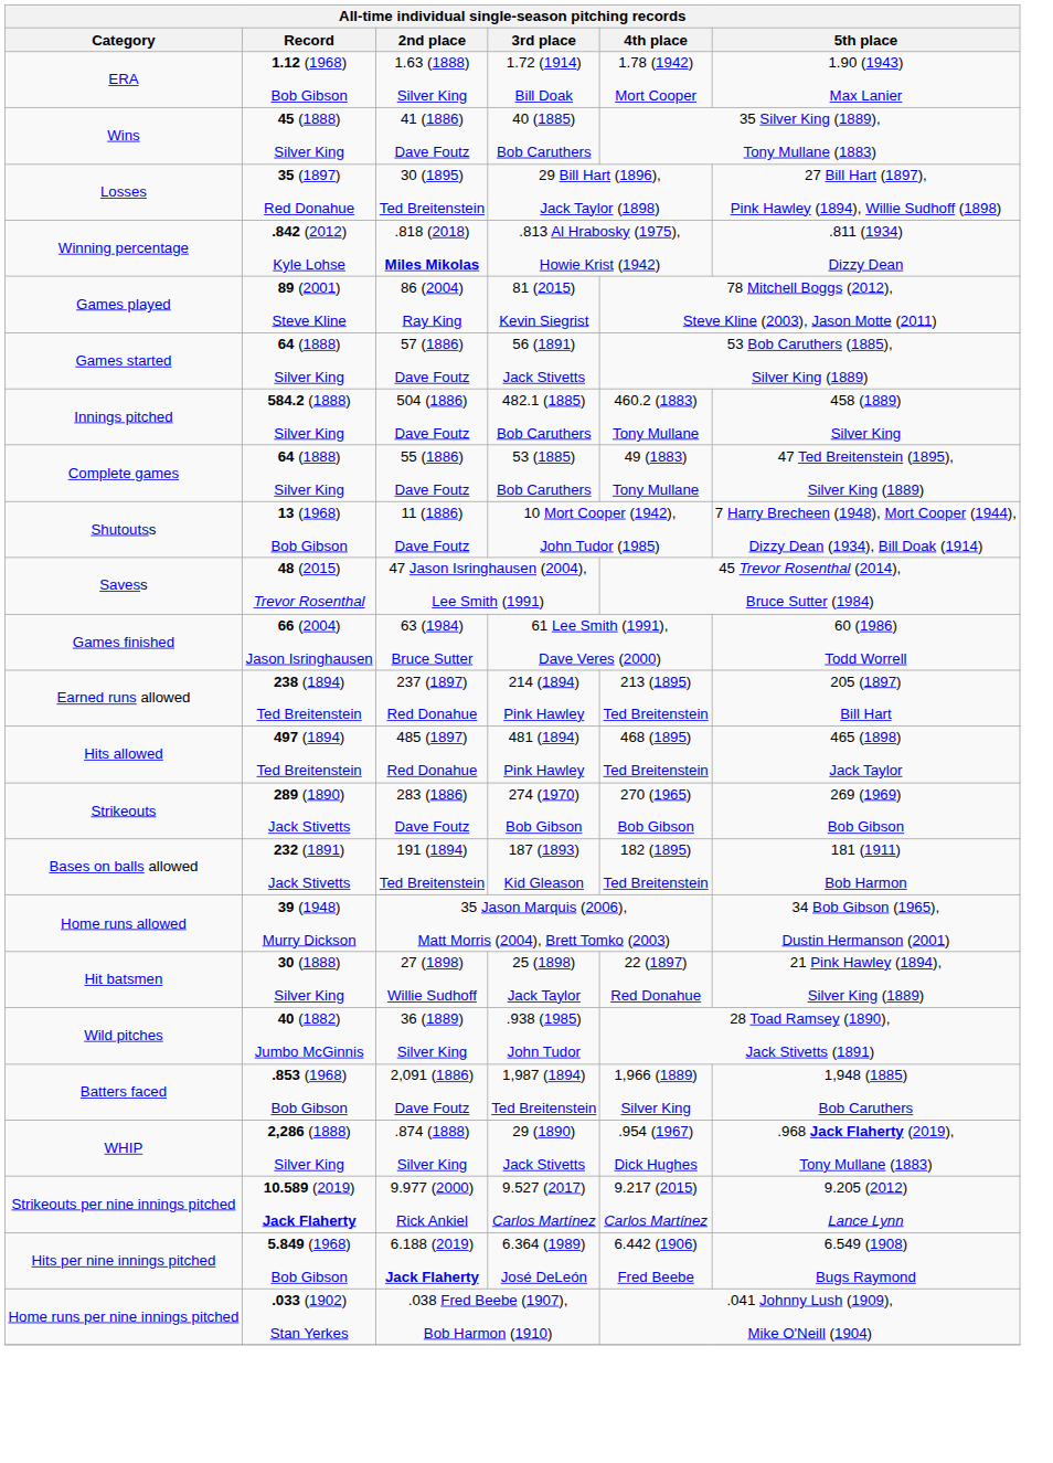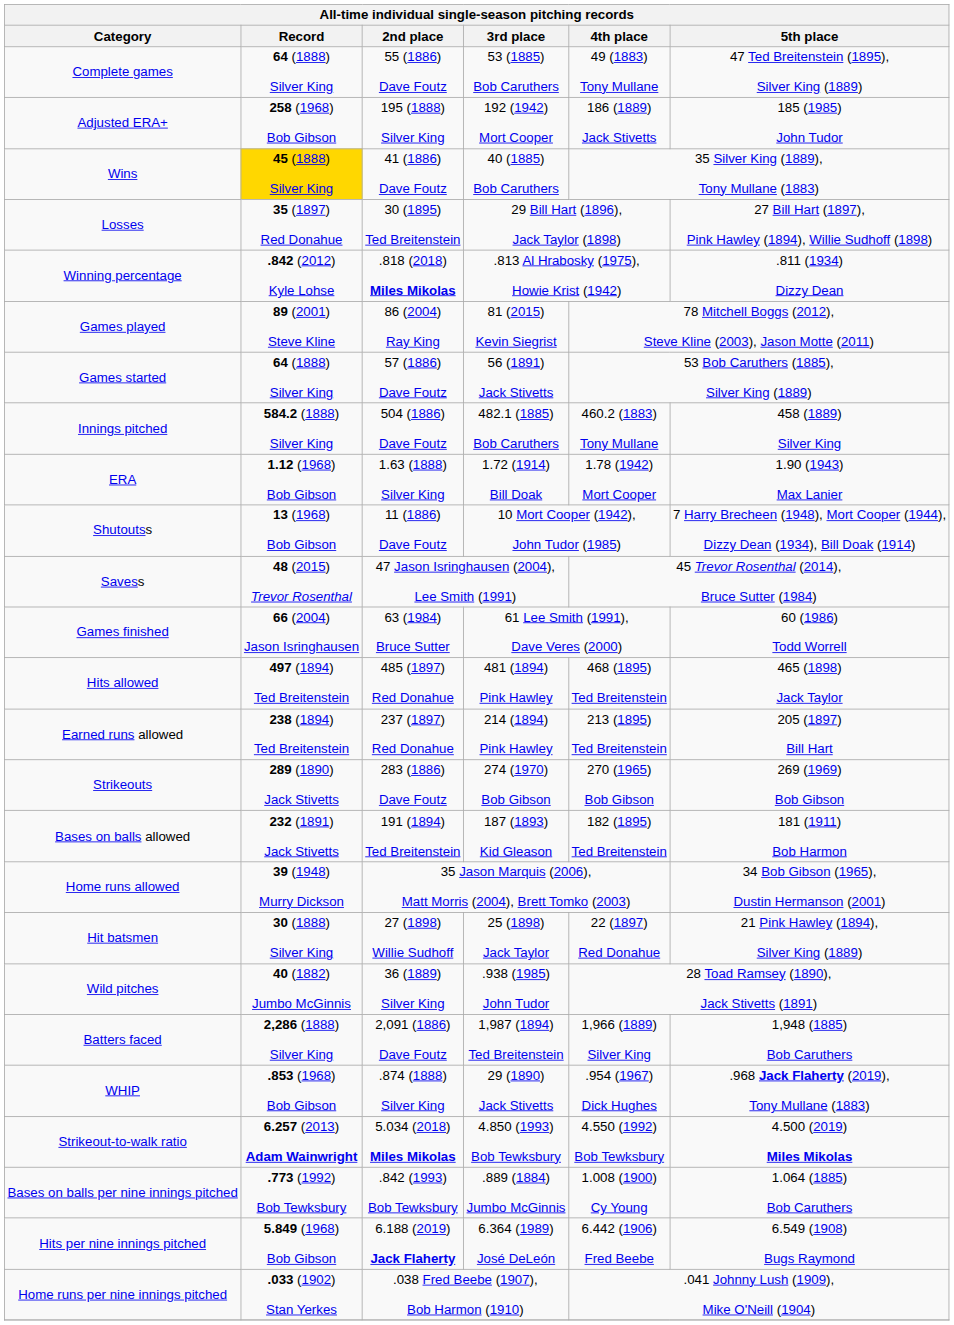 <table class="wikitable unsortable" style="text-align:center">
 <tr>
 <th colspan=6><strong>All-time individual single-season pitching records</strong></th>
 </tr>
 <tr>
 <th scope="col">Category</th>
 <th scope="col">Record</th>
 <th scope="col">2nd place</th>
 <th scope="col">3rd place</th>
 <th scope="col">4th place</th>
 <th scope="col">5th place</th>
 </tr>
 <tr>
-<td><a href='#'>ERA</a></td>
-<td><strong>1.12</strong> (<a href='#'>1968</a>)<br><br><a href='#'>Bob Gibson</a></td>
-<td>1.63 (<a href='#'>1888</a>)<br><br><a href='#'>Silver King</a></td>
-<td>1.72 (<a href='#'>1914</a>)<br><br><a href='#'>Bill Doak</a></td>
-<td>1.78 (<a href='#'>1942</a>)<br><br><a href='#'>Mort Cooper</a></td>
-<td>1.90 (<a href='#'>1943</a>)<br><br><a href='#'>Max Lanier</a></td>
+<td><a href='#'>Complete games</a></td>
+<td><strong>64</strong> (<a href='#'>1888</a>)<br><br><a href='#'>Silver King</a></td>
+<td>55 (<a href='#'>1886</a>)<br><br><a href='#'>Dave Foutz</a></td>
+<td>53 (<a href='#'>1885</a>)<br><br><a href='#'>Bob Caruthers</a></td>
+<td>49 (<a href='#'>1883</a>)<br><br><a href='#'>Tony Mullane</a></td>
+<td>47 <a href='#'>Ted Breitenstein</a> (<a href='#'>1895</a>),<br><br><a href='#'>Silver King</a> (<a href='#'>1889</a>)</td>
+</tr>
+<tr>
+<td><a href='#'>Adjusted ERA+</a></td>
+<td><strong>258</strong> (<a href='#'>1968</a>)<br><br><a href='#'>Bob Gibson</a></td>
+<td>195 (<a href='#'>1888</a>)<br><br><a href='#'>Silver King</a></td>
+<td>192 (<a href='#'>1942</a>)<br><br><a href='#'>Mort Cooper</a></td>
+<td>186 (<a href='#'>1889</a>)<br><br><a href='#'>Jack Stivetts</a></td>
+<td>185 (<a href='#'>1985</a>)<br><br><a href='#'>John Tudor</a></td>
 </tr>
 <tr>
 <td><a href='#'>Wins</a></td>
-<td><strong>45</strong> (<a href='#'>1888</a>)<br><br><a href='#'>Silver King</a></td>
+<td style="background: gold;"><strong>45</strong> (<a href='#'>1888</a>)<br><br><a href='#'>Silver King</a></td>
 <td>41 (<a href='#'>1886</a>)<br><br><a href='#'>Dave Foutz</a></td>
 <td>40 (<a href='#'>1885</a>)<br><br><a href='#'>Bob Caruthers</a></td>
 <td colspan="2" style="text-align: center;">35 <a href='#'>Silver King</a> (<a href='#'>1889</a>),<br><br><a href='#'>Tony Mullane</a> (<a href='#'>1883</a>)</td>
 </tr>
 <tr>
 <td><a href='#'>Losses</a></td>
 <td><strong>35</strong> (<a href='#'>1897</a>)<br><br><a href='#'>Red Donahue</a></td>
 <td>30 (<a href='#'>1895</a>)<br><br><a href='#'>Ted Breitenstein</a></td>
 <td colspan="2" style="text-align: center;">29 <a href='#'>Bill Hart</a> (<a href='#'>1896</a>),<br><br><a href='#'>Jack Taylor</a> (<a href='#'>1898</a>)</td>
 <td>27 <a href='#'>Bill Hart</a> (<a href='#'>1897</a>),<br><br><a href='#'>Pink Hawley</a> (<a href='#'>1894</a>), <a href='#'>Willie Sudhoff</a> (<a href='#'>1898</a>)</td>
 </tr>
 <tr>
 <td><a href='#'>Winning percentage</a></td>
 <td><strong>.842</strong> (<a href='#'>2012</a>)<br><br><a href='#'>Kyle Lohse</a></td>
 <td>.818 (<a href='#'>2018</a>)<br><br><strong><a href='#'>Miles Mikolas</a></strong></td>
 <td colspan="2" style="text-align: center;">.813 <a href='#'>Al Hrabosky</a> (<a href='#'>1975</a>),<br><br><a href='#'>Howie Krist</a> (<a href='#'>1942</a>)</td>
 <td>.811 (<a href='#'>1934</a>)<br><br><a href='#'>Dizzy Dean</a></td>
 </tr>
 <tr>
 <td><a href='#'>Games played</a></td>
 <td><strong>89</strong> (<a href='#'>2001</a>)<br><br><a href='#'>Steve Kline</a></td>
 <td>86 (<a href='#'>2004</a>)<br><br><a href='#'>Ray King</a></td>
 <td>81 (<a href='#'>2015</a>)<br><br><a href='#'>Kevin Siegrist</a></td>
 <td colspan="2" style="text-align: center;">78 <a href='#'>Mitchell Boggs</a> (<a href='#'>2012</a>),<br><br><a href='#'>Steve Kline</a> (<a href='#'>2003</a>), <a href='#'>Jason Motte</a> (<a href='#'>2011</a>)</td>
 </tr>
 <tr>
 <td><a href='#'>Games started</a></td>
 <td><strong>64</strong> (<a href='#'>1888</a>)<br><br><a href='#'>Silver King</a></td>
 <td>57 (<a href='#'>1886</a>)<br><br><a href='#'>Dave Foutz</a></td>
 <td>56 (<a href='#'>1891</a>)<br><br><a href='#'>Jack Stivetts</a></td>
 <td colspan="2" style="text-align: center;">53 <a href='#'>Bob Caruthers</a> (<a href='#'>1885</a>),<br><br><a href='#'>Silver King</a> (<a href='#'>1889</a>)</td>
 </tr>
 <tr>
 <td><a href='#'>Innings pitched</a></td>
 <td><strong>584.2</strong> (<a href='#'>1888</a>)<br><br><a href='#'>Silver King</a></td>
 <td>504 (<a href='#'>1886</a>)<br><br><a href='#'>Dave Foutz</a></td>
 <td>482.1 (<a href='#'>1885</a>)<br><br><a href='#'>Bob Caruthers</a></td>
 <td>460.2 (<a href='#'>1883</a>)<br><br><a href='#'>Tony Mullane</a></td>
 <td>458 (<a href='#'>1889</a>)<br><br><a href='#'>Silver King</a></td>
 </tr>
 <tr>
-<td><a href='#'>Complete games</a></td>
-<td><strong>64</strong> (<a href='#'>1888</a>)<br><br><a href='#'>Silver King</a></td>
-<td>55 (<a href='#'>1886</a>)<br><br><a href='#'>Dave Foutz</a></td>
-<td>53 (<a href='#'>1885</a>)<br><br><a href='#'>Bob Caruthers</a></td>
-<td>49 (<a href='#'>1883</a>)<br><br><a href='#'>Tony Mullane</a></td>
-<td>47 <a href='#'>Ted Breitenstein</a> (<a href='#'>1895</a>),<br><br><a href='#'>Silver King</a> (<a href='#'>1889</a>)</td>
+<td><a href='#'>ERA</a></td>
+<td><strong>1.12</strong> (<a href='#'>1968</a>)<br><br><a href='#'>Bob Gibson</a></td>
+<td>1.63 (<a href='#'>1888</a>)<br><br><a href='#'>Silver King</a></td>
+<td>1.72 (<a href='#'>1914</a>)<br><br><a href='#'>Bill Doak</a></td>
+<td>1.78 (<a href='#'>1942</a>)<br><br><a href='#'>Mort Cooper</a></td>
+<td>1.90 (<a href='#'>1943</a>)<br><br><a href='#'>Max Lanier</a></td>
 </tr>
 <tr>
 <td><a href='#'>Shutouts</a>s</td>
 <td><strong>13</strong> (<a href='#'>1968</a>)<br><br><a href='#'>Bob Gibson</a></td>
 <td>11 (<a href='#'>1886</a>)<br><br><a href='#'>Dave Foutz</a></td>
 <td colspan="2" style="text-align: center;">10 <a href='#'>Mort Cooper</a> (<a href='#'>1942</a>),<br><br><a href='#'>John Tudor</a> (<a href='#'>1985</a>)</td>
 <td>7 <a href='#'>Harry Brecheen</a> (<a href='#'>1948</a>), <a href='#'>Mort Cooper</a> (<a href='#'>1944</a>),<br><br><a href='#'>Dizzy Dean</a> (<a href='#'>1934</a>), <a href='#'>Bill Doak</a> (<a href='#'>1914</a>)</td>
 </tr>
 <tr>
 <td><a href='#'>Saves</a>s</td>
 <td><strong>48</strong> (<a href='#'>2015</a>)<br><br><em><a href='#'>Trevor Rosenthal</a></em></td>
 <td colspan="2" style="text-align: center;">47 <a href='#'>Jason Isringhausen</a> (<a href='#'>2004</a>),<br><br><a href='#'>Lee Smith</a> (<a href='#'>1991</a>)</td>
 <td colspan="2" style="text-align; center;">45 <em><a href='#'>Trevor Rosenthal</a></em> (<a href='#'>2014</a>),<br><br><a href='#'>Bruce Sutter</a> (<a href='#'>1984</a>)</td>
 </tr>
 <tr>
 <td><a href='#'>Games finished</a></td>
 <td><strong>66</strong> (<a href='#'>2004</a>)<br><br><a href='#'>Jason Isringhausen</a></td>
 <td>63 (<a href='#'>1984</a>)<br><br><a href='#'>Bruce Sutter</a></td>
 <td colspan="2" style="text-align: center;">61 <a href='#'>Lee Smith</a> (<a href='#'>1991</a>),<br><br><a href='#'>Dave Veres</a> (<a href='#'>2000</a>)</td>
 <td>60 (<a href='#'>1986</a>)<br><br><a href='#'>Todd Worrell</a></td>
 </tr>
 <tr>
+<td><a href='#'>Hits allowed</a></td>
+<td><strong>497</strong> (<a href='#'>1894</a>)<br><br><a href='#'>Ted Breitenstein</a></td>
+<td>485 (<a href='#'>1897</a>)<br><br><a href='#'>Red Donahue</a></td>
+<td>481 (<a href='#'>1894</a>)<br><br><a href='#'>Pink Hawley</a></td>
+<td>468 (<a href='#'>1895</a>)<br><br><a href='#'>Ted Breitenstein</a></td>
+<td>465 (<a href='#'>1898</a>)<br><br><a href='#'>Jack Taylor</a></td>
+</tr>
+<tr>
 <td><a href='#'>Earned runs</a> allowed</td>
 <td><strong>238</strong> (<a href='#'>1894</a>)<br><br><a href='#'>Ted Breitenstein</a></td>
 <td>237 (<a href='#'>1897</a>)<br><br><a href='#'>Red Donahue</a></td>
 <td>214 (<a href='#'>1894</a>)<br><br><a href='#'>Pink Hawley</a></td>
 <td>213 (<a href='#'>1895</a>)<br><br><a href='#'>Ted Breitenstein</a></td>
 <td>205 (<a href='#'>1897</a>)<br><br><a href='#'>Bill Hart</a></td>
-</tr>
-<tr>
-<td><a href='#'>Hits allowed</a></td>
-<td><strong>497</strong> (<a href='#'>1894</a>)<br><br><a href='#'>Ted Breitenstein</a></td>
-<td>485 (<a href='#'>1897</a>)<br><br><a href='#'>Red Donahue</a></td>
-<td>481 (<a href='#'>1894</a>)<br><br><a href='#'>Pink Hawley</a></td>
-<td>468 (<a href='#'>1895</a>)<br><br><a href='#'>Ted Breitenstein</a></td>
-<td>465 (<a href='#'>1898</a>)<br><br><a href='#'>Jack Taylor</a></td>
 </tr>
 <tr>
 <td><a href='#'>Strikeouts</a></td>
 <td><strong>289</strong> (<a href='#'>1890</a>)<br><br><a href='#'>Jack Stivetts</a></td>
 <td>283 (<a href='#'>1886</a>)<br><br><a href='#'>Dave Foutz</a></td>
 <td>274 (<a href='#'>1970</a>)<br><br><a href='#'>Bob Gibson</a></td>
 <td>270 (<a href='#'>1965</a>)<br><br><a href='#'>Bob Gibson</a></td>
 <td>269 (<a href='#'>1969</a>)<br><br><a href='#'>Bob Gibson</a></td>
 </tr>
 <tr>
 <td><a href='#'>Bases on balls</a> allowed</td>
 <td><strong>232</strong>  (<a href='#'>1891</a>)<br><br><a href='#'>Jack Stivetts</a></td>
 <td>191 (<a href='#'>1894</a>)<br><br><a href='#'>Ted Breitenstein</a></td>
 <td>187 (<a href='#'>1893</a>)<br><br><a href='#'>Kid Gleason</a></td>
 <td>182 (<a href='#'>1895</a>)<br><br><a href='#'>Ted Breitenstein</a></td>
 <td>181 (<a href='#'>1911</a>)<br><br><a href='#'>Bob Harmon</a></td>
 </tr>
 <tr>
 <td><a href='#'>Home runs allowed</a></td>
 <td><strong>39</strong> (<a href='#'>1948</a>)<br><br><a href='#'>Murry Dickson</a></td>
 <td colspan="3" style="text-align: center;">35 <a href='#'>Jason Marquis</a> (<a href='#'>2006</a>),<br><br><a href='#'>Matt Morris</a> (<a href='#'>2004</a>), <a href='#'>Brett Tomko</a> (<a href='#'>2003</a>)</td>
 <td>34 <a href='#'>Bob Gibson</a> (<a href='#'>1965</a>),<br><br><a href='#'>Dustin Hermanson</a> (<a href='#'>2001</a>)</td>
 </tr>
 <tr>
 <td><a href='#'>Hit batsmen</a></td>
 <td><strong>30</strong> (<a href='#'>1888</a>)<br><br><a href='#'>Silver King</a></td>
 <td>27 (<a href='#'>1898</a>)<br><br><a href='#'>Willie Sudhoff</a></td>
 <td>25 (<a href='#'>1898</a>)<br><br><a href='#'>Jack Taylor</a></td>
 <td>22 (<a href='#'>1897</a>)<br><br><a href='#'>Red Donahue</a></td>
 <td>21 <a href='#'>Pink Hawley</a> (<a href='#'>1894</a>),<br><br><a href='#'>Silver King</a> (<a href='#'>1889</a>)</td>
 </tr>
 <tr>
 <td><a href='#'>Wild pitches</a></td>
 <td><strong>40</strong> (<a href='#'>1882</a>)<br><br><a href='#'>Jumbo McGinnis</a></td>
 <td>36 (<a href='#'>1889</a>)<br><br><a href='#'>Silver King</a></td>
 <td>.938 (<a href='#'>1985</a>)<br><br><a href='#'>John Tudor</a></td>
 <td colspan="2" style="text-align: center;">28 <a href='#'>Toad Ramsey</a> (<a href='#'>1890</a>),<br><br><a href='#'>Jack Stivetts</a> (<a href='#'>1891</a>)<br></td>
 </tr>
 <tr>
 <td><a href='#'>Batters faced</a></td>
-<td><strong>.853</strong> (<a href='#'>1968</a>)<br><br><a href='#'>Bob Gibson</a></td>
+<td><strong>2,286</strong> (<a href='#'>1888</a>)<br><br><a href='#'>Silver King</a></td>
 <td>2,091 (<a href='#'>1886</a>)<br><br><a href='#'>Dave Foutz</a></td>
 <td>1,987 (<a href='#'>1894</a>)<br><br><a href='#'>Ted Breitenstein</a></td>
 <td>1,966 (<a href='#'>1889</a>)<br><br><a href='#'>Silver King</a></td>
 <td>1,948 (<a href='#'>1885</a>)<br><br><a href='#'>Bob Caruthers</a></td>
 </tr>
 <tr>
 <td><a href='#'>WHIP</a></td>
-<td><strong>2,286</strong> (<a href='#'>1888</a>)<br><br><a href='#'>Silver King</a></td>
+<td><strong>.853</strong> (<a href='#'>1968</a>)<br><br><a href='#'>Bob Gibson</a></td>
 <td>.874 (<a href='#'>1888</a>)<br><br><a href='#'>Silver King</a></td>
 <td>29 (<a href='#'>1890</a>)<br><br><a href='#'>Jack Stivetts</a></td>
 <td>.954 (<a href='#'>1967</a>)<br><br><a href='#'>Dick Hughes</a></td>
 <td>.968 <strong><a href='#'>Jack Flaherty</a></strong> (<a href='#'>2019</a>),<br><br><a href='#'>Tony Mullane</a> (<a href='#'>1883</a>)</td>
 </tr>
 <tr>
-<td><a href='#'>Strikeouts per nine innings pitched</a></td>
-<td><strong>10.589</strong> (<a href='#'>2019</a>)<br><br><strong><a href='#'>Jack Flaherty</a></strong></td>
-<td>9.977 (<a href='#'>2000</a>)<br><br><a href='#'>Rick Ankiel</a></td>
-<td>9.527 (<a href='#'>2017</a>)<br><br><em><a href='#'>Carlos Martínez</a></em></td>
-<td>9.217 (<a href='#'>2015</a>)<br><br><em><a href='#'>Carlos Martínez</a></em></td>
-<td>9.205 (<a href='#'>2012</a>)<br><br><em><a href='#'>Lance Lynn</a></em></td>
+<td><a href='#'>Strikeout-to-walk ratio</a></td>
+<td><strong>6.257</strong> (<a href='#'>2013</a>)<br><br><strong><a href='#'>Adam Wainwright</a></strong></td>
+<td>5.034 (<a href='#'>2018</a>)<br><br><strong><a href='#'>Miles Mikolas</a></strong></td>
+<td>4.850 (<a href='#'>1993</a>)<br><br><a href='#'>Bob Tewksbury</a></td>
+<td>4.550 (<a href='#'>1992</a>)<br><br><a href='#'>Bob Tewksbury</a></td>
+<td>4.500 (<a href='#'>2019</a>)<br><br><strong><a href='#'>Miles Mikolas</a></strong></td>
+</tr>
+<tr>
+<td><a href='#'>Bases on balls per nine innings pitched</a></td>
+<td><strong>.773</strong> (<a href='#'>1992</a>)<br><br><a href='#'>Bob Tewksbury</a></td>
+<td>.842 (<a href='#'>1993</a>)<br><br><a href='#'>Bob Tewksbury</a></td>
+<td>.889 (<a href='#'>1884</a>)<br><br><a href='#'>Jumbo McGinnis</a></td>
+<td>1.008 (<a href='#'>1900</a>)<br><br><a href='#'>Cy Young</a></td>
+<td>1.064 (<a href='#'>1885</a>)<br><br><a href='#'>Bob Caruthers</a></td>
 </tr>
 <tr>
 <td><a href='#'>Hits per nine innings pitched</a></td>
 <td><strong>5.849</strong> (<a href='#'>1968</a>)<br><br><a href='#'>Bob Gibson</a></td>
 <td>6.188 (<a href='#'>2019</a>)<br><br><strong><a href='#'>Jack Flaherty</a></strong></td>
 <td>6.364 (<a href='#'>1989</a>)<br><br><a href='#'>José DeLeón</a></td>
 <td>6.442 (<a href='#'>1906</a>)<br><br><a href='#'>Fred Beebe</a></td>
 <td>6.549 (<a href='#'>1908</a>)<br><br><a href='#'>Bugs Raymond</a></td>
 </tr>
 <tr>
 <td><a href='#'>Home runs per nine innings pitched</a></td>
 <td><strong>.033</strong> (<a href='#'>1902</a>)<br><br><a href='#'>Stan Yerkes</a></td>
 <td colspan="2" style="text-align: center;">.038 <a href='#'>Fred Beebe</a> (<a href='#'>1907</a>),<br><br><a href='#'>Bob Harmon</a> (<a href='#'>1910</a>)</td>
 <td colspan="2" style="text-align: center;">.041 <a href='#'>Johnny Lush</a> (<a href='#'>1909</a>),<br><br><a href='#'>Mike O'Neill</a> (<a href='#'>1904</a>)</td>
 </tr>
 <tr>
 </tr>
 </table>
